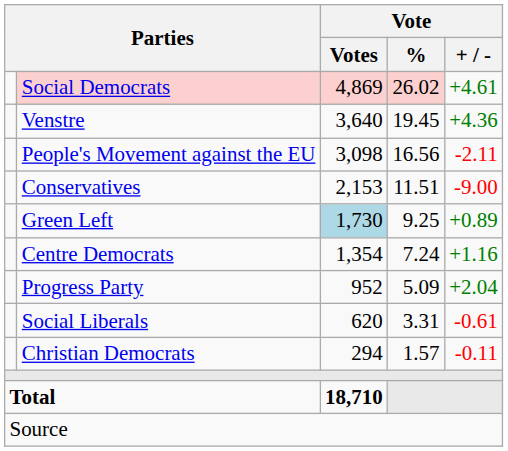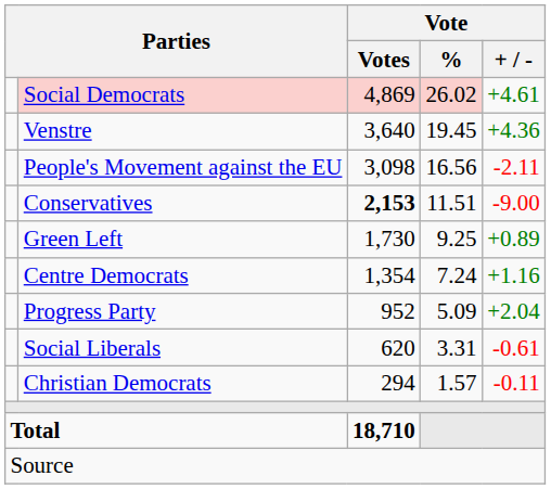 <table class="wikitable" style="text-align:right;">
 <tr>
 <th style="text-align:centre;" rowspan="2" colspan="2" width="225">Parties</th>
 <th colspan="3">Vote</th>
 </tr>
 <tr>
 <th width="15">Votes</th>
 <th width="15">%</th>
 <th width="15">+ / -</th>
 </tr>
 <tr>
 <td width="2" style="color:inherit;background:"></td>
 <td bgcolor=#fbd0ce   align="left"><a href='#'>Social Democrats</a></td>
 <td bgcolor=#fbd0ce>4,869</td>
 <td bgcolor=#fbd0ce>26.02</td>
 <td style=color:green;>+4.61</td>
 </tr>
 <tr>
 <td width="2" style="color:inherit;background:"></td>
 <td align="left"><a href='#'>Venstre</a></td>
 <td>3,640</td>
 <td>19.45</td>
 <td style=color:green;>+4.36</td>
 </tr>
 <tr>
 <td width="2" style="color:inherit;background:"></td>
 <td align="left"><a href='#'>People's Movement against the EU</a></td>
 <td>3,098</td>
 <td>16.56</td>
 <td style=color:red;>-2.11</td>
 </tr>
 <tr>
 <td width="2" style="color:inherit;background:"></td>
 <td align="left"><a href='#'>Conservatives</a></td>
-<td>2,153</td>
+<td><strong>2,153</strong></td>
 <td>11.51</td>
 <td style=color:red;>-9.00</td>
 </tr>
 <tr>
 <td width="2" style="color:inherit;background:"></td>
 <td align="left"><a href='#'>Green Left</a></td>
-<td style="background: lightblue;">1,730</td>
+<td>1,730</td>
 <td>9.25</td>
 <td style=color:green;>+0.89</td>
 </tr>
 <tr>
 <td width="2" style="color:inherit;background:"></td>
 <td align="left"><a href='#'>Centre Democrats</a></td>
 <td>1,354</td>
 <td>7.24</td>
 <td style=color:green;>+1.16</td>
 </tr>
 <tr>
 <td width="2" style="color:inherit;background:"></td>
 <td align="left"><a href='#'>Progress Party</a></td>
 <td>952</td>
 <td>5.09</td>
 <td style=color:green;>+2.04</td>
 </tr>
 <tr>
 <td width="2" style="color:inherit;background:"></td>
 <td align="left"><a href='#'>Social Liberals</a></td>
 <td>620</td>
 <td>3.31</td>
 <td style=color:red;>-0.61</td>
 </tr>
 <tr>
 <td width="2" style="color:inherit;background:"></td>
 <td align="left"><a href='#'>Christian Democrats</a></td>
 <td>294</td>
 <td>1.57</td>
 <td style=color:red;>-0.11</td>
 </tr>
 <tr>
 <td colspan="7" bgcolor="#E9E9E9"></td>
 </tr>
 <tr>
 <td align="left" colspan="2"><strong>Total</strong></td>
 <td><strong>18,710</strong></td>
 <td bgcolor="#E9E9E9" colspan="2"></td>
 </tr>
 <tr>
 <td align="left" colspan="6">Source</td>
 </tr>
 </table>
